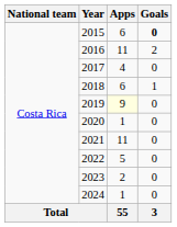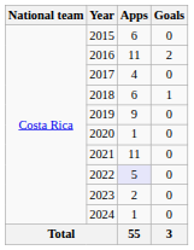 <table class="wikitable" style="text-align:center">
 <tr>
 <th>National team</th>
 <th>Year</th>
 <th>Apps</th>
 <th>Goals</th>
 </tr>
 <tr>
 <td rowspan="10"><a href='#'>Costa Rica</a></td>
 <td>2015</td>
 <td>6</td>
-<td><strong>0</strong></td>
+<td>0</td>
 </tr>
 <tr>
 <td>2016</td>
 <td>11</td>
 <td>2</td>
 </tr>
 <tr>
 <td>2017</td>
 <td>4</td>
 <td>0</td>
 </tr>
 <tr>
 <td>2018</td>
 <td>6</td>
 <td>1</td>
 </tr>
 <tr>
 <td>2019</td>
-<td style="background: lightyellow;">9</td>
+<td>9</td>
 <td>0</td>
 </tr>
 <tr>
 <td>2020</td>
 <td>1</td>
 <td>0</td>
 </tr>
 <tr>
 <td>2021</td>
 <td>11</td>
 <td>0</td>
 </tr>
 <tr>
 <td>2022</td>
-<td>5</td>
+<td style="background: lavender;">5</td>
 <td>0</td>
 </tr>
 <tr>
 <td>2023</td>
 <td>2</td>
 <td>0</td>
 </tr>
 <tr>
 <td>2024</td>
 <td>1</td>
 <td>0</td>
 </tr>
 <tr>
 <th colspan="2">Total</th>
 <th>55</th>
 <th>3</th>
 </tr>
 </table>
